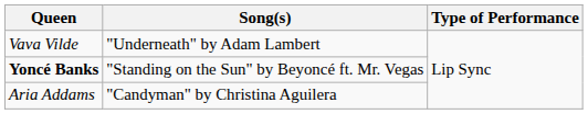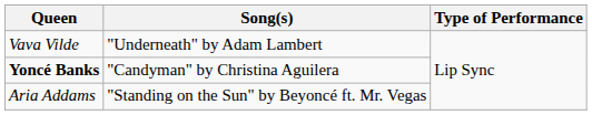 <table class="wikitable">
 <tr>
 <th><strong>Queen</strong></th>
 <th>Song(s)</th>
 <th><strong>Type of Performance</strong></th>
 </tr>
 <tr>
 <td><em>Vava Vilde</em></td>
 <td>"Underneath" by Adam Lambert</td>
 <td rowspan="3">Lip Sync</td>
 </tr>
 <tr>
 <td><strong>Yoncé Banks</strong></td>
-<td>"Standing on the Sun" by Beyoncé ft. Mr. Vegas</td>
+<td>"Candyman" by Christina Aguilera</td>
 </tr>
 <tr>
 <td><em>Aria Addams</em></td>
-<td>"Candyman" by Christina Aguilera</td>
+<td>"Standing on the Sun" by Beyoncé ft. Mr. Vegas</td>
 </tr>
 </table>
